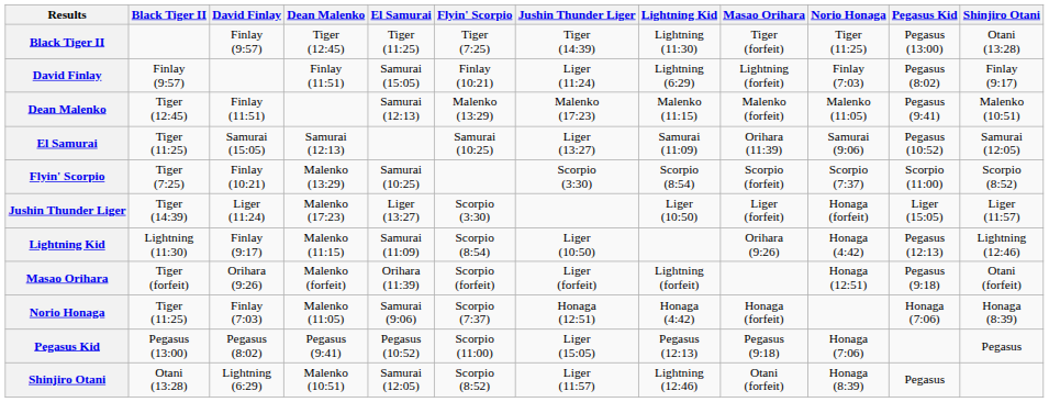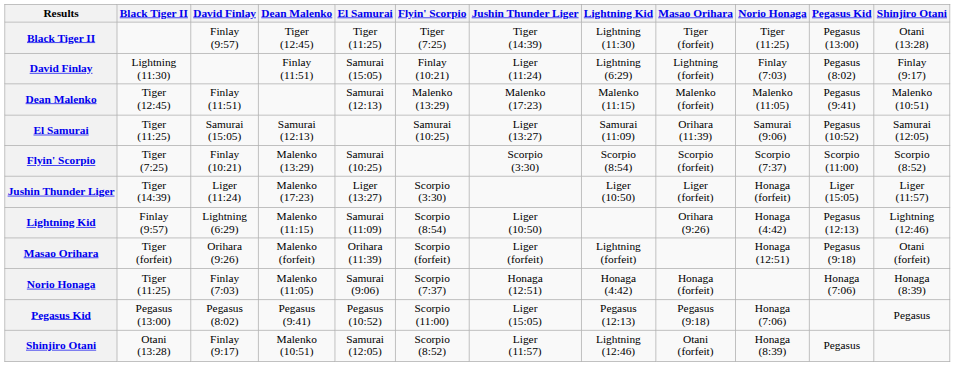 <table class="wikitable" style="text-align:center; margin: 1em auto 1em auto">
 <tr align="center">
 <th>Results</th>
 <th><a href='#'>Black Tiger II</a></th>
 <th><a href='#'>David Finlay</a></th>
 <th><a href='#'>Dean Malenko</a></th>
 <th><a href='#'>El Samurai</a></th>
 <th><a href='#'>Flyin' Scorpio</a></th>
 <th><a href='#'>Jushin Thunder Liger</a></th>
 <th><a href='#'>Lightning Kid</a></th>
 <th><a href='#'>Masao Orihara</a></th>
 <th><a href='#'>Norio Honaga</a></th>
 <th><a href='#'>Pegasus Kid</a></th>
 <th><a href='#'>Shinjiro Otani</a></th>
 </tr>
 <tr>
 <th><a href='#'>Black Tiger II</a></th>
 <td></td>
 <td>Finlay<br>(9:57)</td>
 <td>Tiger<br>(12:45)</td>
 <td>Tiger<br>(11:25)</td>
 <td>Tiger<br>(7:25)</td>
 <td>Tiger<br>(14:39)</td>
 <td>Lightning<br>(11:30)</td>
 <td>Tiger<br>(forfeit)</td>
 <td>Tiger<br>(11:25)</td>
 <td>Pegasus<br>(13:00)</td>
 <td>Otani<br>(13:28)</td>
 </tr>
 <tr>
 <th><a href='#'>David Finlay</a></th>
-<td>Finlay<br>(9:57)</td>
+<td>Lightning<br>(11:30)</td>
 <td></td>
 <td>Finlay<br>(11:51)</td>
 <td>Samurai<br>(15:05)</td>
 <td>Finlay<br>(10:21)</td>
 <td>Liger<br>(11:24)</td>
 <td>Lightning<br>(6:29)</td>
 <td>Lightning<br>(forfeit)</td>
 <td>Finlay<br>(7:03)</td>
 <td>Pegasus<br>(8:02)</td>
 <td>Finlay<br>(9:17)</td>
 </tr>
 <tr>
 <th><a href='#'>Dean Malenko</a></th>
 <td>Tiger<br>(12:45)</td>
 <td>Finlay<br>(11:51)</td>
 <td></td>
 <td>Samurai<br>(12:13)</td>
 <td>Malenko<br>(13:29)</td>
 <td>Malenko<br>(17:23)</td>
 <td>Malenko<br>(11:15)</td>
 <td>Malenko<br>(forfeit)</td>
 <td>Malenko<br>(11:05)</td>
 <td>Pegasus<br>(9:41)</td>
 <td>Malenko<br>(10:51)</td>
 </tr>
 <tr>
 <th><a href='#'>El Samurai</a></th>
 <td>Tiger<br>(11:25)</td>
 <td>Samurai<br>(15:05)</td>
 <td>Samurai<br>(12:13)</td>
 <td></td>
 <td>Samurai<br>(10:25)</td>
 <td>Liger<br>(13:27)</td>
 <td>Samurai<br>(11:09)</td>
 <td>Orihara<br>(11:39)</td>
 <td>Samurai<br>(9:06)</td>
 <td>Pegasus<br>(10:52)</td>
 <td>Samurai<br>(12:05)</td>
 </tr>
 <tr>
 <th><a href='#'>Flyin' Scorpio</a></th>
 <td>Tiger<br>(7:25)</td>
 <td>Finlay<br>(10:21)</td>
 <td>Malenko<br>(13:29)</td>
 <td>Samurai<br>(10:25)</td>
 <td></td>
 <td>Scorpio<br>(3:30)</td>
 <td>Scorpio<br>(8:54)</td>
 <td>Scorpio<br>(forfeit)</td>
 <td>Scorpio<br>(7:37)</td>
 <td>Scorpio<br>(11:00)</td>
 <td>Scorpio<br>(8:52)</td>
 </tr>
 <tr>
 <th><a href='#'>Jushin Thunder Liger</a></th>
 <td>Tiger<br>(14:39)</td>
 <td>Liger<br>(11:24)</td>
 <td>Malenko<br>(17:23)</td>
 <td>Liger<br>(13:27)</td>
 <td>Scorpio<br>(3:30)</td>
 <td></td>
 <td>Liger<br>(10:50)</td>
 <td>Liger<br>(forfeit)</td>
 <td>Honaga<br>(forfeit)</td>
 <td>Liger<br>(15:05)</td>
 <td>Liger<br>(11:57)</td>
 </tr>
 <tr>
 <th><a href='#'>Lightning Kid</a></th>
-<td>Lightning<br>(11:30)</td>
-<td>Finlay<br>(9:17)</td>
+<td>Finlay<br>(9:57)</td>
+<td>Lightning<br>(6:29)</td>
 <td>Malenko<br>(11:15)</td>
 <td>Samurai<br>(11:09)</td>
 <td>Scorpio<br>(8:54)</td>
 <td>Liger<br>(10:50)</td>
 <td></td>
 <td>Orihara<br>(9:26)</td>
 <td>Honaga<br>(4:42)</td>
 <td>Pegasus<br>(12:13)</td>
 <td>Lightning<br>(12:46)</td>
 </tr>
 <tr>
 <th><a href='#'>Masao Orihara</a></th>
 <td>Tiger<br>(forfeit)</td>
 <td>Orihara<br>(9:26)</td>
 <td>Malenko<br>(forfeit)</td>
 <td>Orihara<br>(11:39)</td>
 <td>Scorpio<br>(forfeit)</td>
 <td>Liger<br>(forfeit)</td>
 <td>Lightning<br>(forfeit)</td>
 <td></td>
 <td>Honaga<br>(12:51)</td>
 <td>Pegasus<br>(9:18)</td>
 <td>Otani<br>(forfeit)</td>
 </tr>
 <tr>
 <th><a href='#'>Norio Honaga</a></th>
 <td>Tiger<br>(11:25)</td>
 <td>Finlay<br>(7:03)</td>
 <td>Malenko<br>(11:05)</td>
 <td>Samurai<br>(9:06)</td>
 <td>Scorpio<br>(7:37)</td>
 <td>Honaga<br>(12:51)</td>
 <td>Honaga<br>(4:42)</td>
 <td>Honaga<br>(forfeit)</td>
 <td></td>
 <td>Honaga<br>(7:06)</td>
 <td>Honaga<br>(8:39)</td>
 </tr>
 <tr>
 <th><a href='#'>Pegasus Kid</a></th>
 <td>Pegasus<br>(13:00)</td>
 <td>Pegasus<br>(8:02)</td>
 <td>Pegasus<br>(9:41)</td>
 <td>Pegasus<br>(10:52)</td>
 <td>Scorpio<br>(11:00)</td>
 <td>Liger<br>(15:05)</td>
 <td>Pegasus<br>(12:13)</td>
 <td>Pegasus<br>(9:18)</td>
 <td>Honaga<br>(7:06)</td>
 <td></td>
 <td>Pegasus</td>
 </tr>
 <tr>
 <th><a href='#'>Shinjiro Otani</a></th>
 <td>Otani<br>(13:28)</td>
-<td>Lightning<br>(6:29)</td>
+<td>Finlay<br>(9:17)</td>
 <td>Malenko<br>(10:51)</td>
 <td>Samurai<br>(12:05)</td>
 <td>Scorpio<br>(8:52)</td>
 <td>Liger<br>(11:57)</td>
 <td>Lightning<br>(12:46)</td>
 <td>Otani<br>(forfeit)</td>
 <td>Honaga<br>(8:39)</td>
 <td>Pegasus</td>
 <td></td>
 </tr>
 </table>
